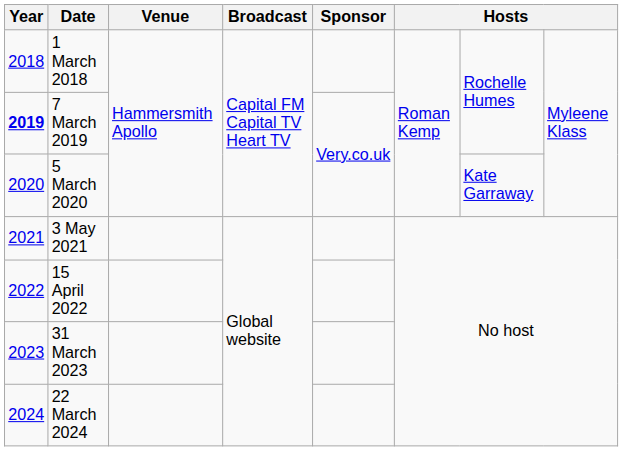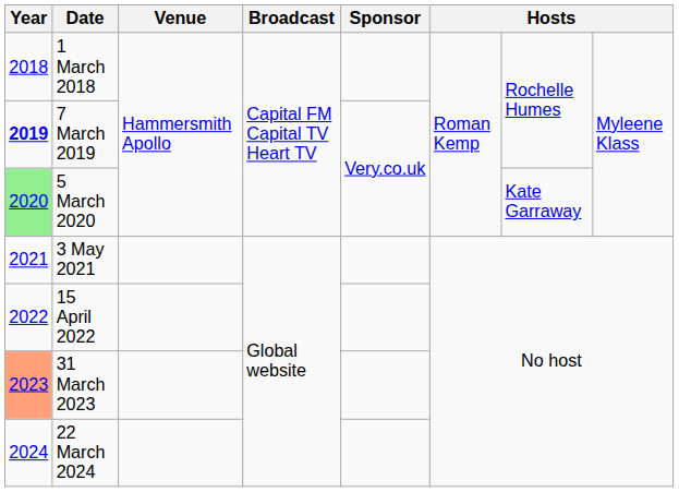 <table class="wikitable">
 <tr>
 <th>Year</th>
 <th>Date</th>
 <th>Venue</th>
 <th>Broadcast</th>
 <th>Sponsor</th>
 <th colspan="3">Hosts</th>
 </tr>
 <tr>
 <td style="text-align:center;"><a href='#'>2018</a></td>
 <td>1 March 2018</td>
 <td rowspan="3"><a href='#'>Hammersmith Apollo</a></td>
 <td rowspan="3"><a href='#'>Capital FM</a><br><a href='#'>Capital TV</a><br><a href='#'>Heart TV</a></td>
 <td></td>
 <td rowspan="3"><a href='#'>Roman Kemp</a></td>
 <td rowspan="2"><a href='#'>Rochelle Humes</a></td>
 <td rowspan="3"><a href='#'>Myleene Klass</a></td>
 </tr>
 <tr>
 <td><strong><a href='#'>2019</a></strong></td>
 <td>7 March 2019</td>
 <td rowspan="2"><a href='#'>Very.co.uk</a></td>
 </tr>
 <tr>
-<td><a href='#'>2020</a></td>
+<td style="background: lightgreen;"><a href='#'>2020</a></td>
 <td>5 March 2020</td>
 <td rowspan="1"><a href='#'>Kate Garraway</a></td>
 </tr>
 <tr>
 <td><a href='#'>2021</a></td>
 <td>3 May 2021</td>
 <td></td>
 <td rowspan="4">Global website</td>
 <td></td>
 <td style="text-align:center;" colspan="3" rowspan="4">No host</td>
 </tr>
 <tr>
 <td><a href='#'>2022</a></td>
 <td>15 April 2022</td>
 <td></td>
 <td></td>
 </tr>
 <tr>
-<td><a href='#'>2023</a></td>
+<td style="background: lightsalmon;"><a href='#'>2023</a></td>
 <td>31 March 2023</td>
 <td></td>
 <td></td>
 </tr>
 <tr>
 <td><a href='#'>2024</a></td>
 <td>22 March 2024</td>
 <td></td>
 <td></td>
 </tr>
 </table>
